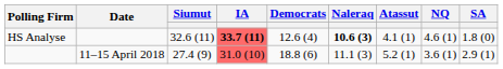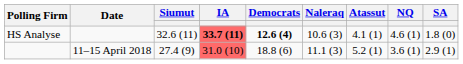 <table class="wikitable" style="text-align:center; line-height:16px;">
 <tr>
 <th rowspan=2>Polling Firm</th>
 <th rowspan=2>Date</th>
 <th><a href='#'>Siumut</a></th>
 <th><a href='#'>IA</a></th>
 <th><a href='#'>Democrats</a></th>
 <th><a href='#'>Naleraq</a></th>
 <th><a href='#'>Atassut</a></th>
 <th><a href='#'>NQ</a></th>
 <th><a href='#'>SA</a></th>
 </tr>
 <tr>
 <th style="background:"></th>
 <th style="background:"></th>
 <th style="background:"></th>
 <th style="background:"></th>
 <th style="background:"></th>
 <th style="background:"></th>
 <th style="background:"></th>
 </tr>
 <tr>
 <td align=left>HS Analyse</td>
 <td></td>
 <td>32.6 (11)</td>
 <td align="center" style="background:#FF6A6A"><strong>33.7 (11)</strong></td>
-<td>12.6 (4)</td>
-<td><strong>10.6 (3)</strong></td>
+<td><strong>12.6 (4)</strong></td>
+<td>10.6 (3)</td>
 <td>4.1 (1)</td>
 <td>4.6 (1)</td>
 <td>1.8 (0)</td>
 </tr>
 <tr>
 <td align=left></td>
 <td>11–15 April 2018</td>
 <td>27.4 (9)</td>
 <td align="center" style="background:#FF6A6A">31.0 (10)</td>
 <td>18.8 (6)</td>
 <td>11.1 (3)</td>
 <td>5.2 (1)</td>
 <td>3.6 (1)</td>
 <td>2.9 (1)</td>
 </tr>
 </table>
